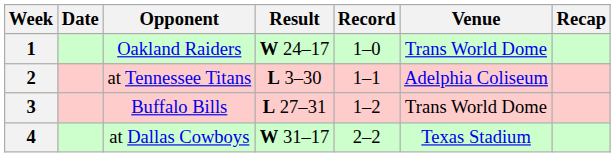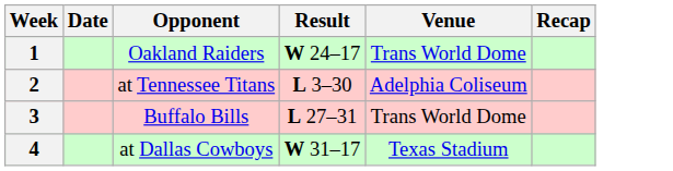 <table class="wikitable" style="text-align:center">
 <tr>
 <th>Week</th>
 <th>Date</th>
 <th>Opponent</th>
 <th>Result</th>
-<th>Record</th>
 <th>Venue</th>
 <th>Recap</th>
 </tr>
 <tr style="background: #cfc;">
 <th>1</th>
 <td></td>
 <td><a href='#'>Oakland Raiders</a></td>
 <td><strong>W</strong> 24–17</td>
-<td>1–0</td>
 <td><a href='#'>Trans World Dome</a></td>
 <td></td>
 </tr>
 <tr style="background: #fcc;">
 <th>2</th>
 <td></td>
 <td>at <a href='#'>Tennessee Titans</a></td>
 <td><strong>L</strong> 3–30</td>
-<td>1–1</td>
 <td><a href='#'>Adelphia Coliseum</a></td>
 <td></td>
 </tr>
 <tr style="background: #fcc;">
 <th>3</th>
 <td></td>
 <td><a href='#'>Buffalo Bills</a></td>
 <td><strong>L</strong> 27–31</td>
-<td>1–2</td>
 <td>Trans World Dome</td>
 <td></td>
 </tr>
 <tr style="background: #cfc;">
 <th>4</th>
 <td></td>
 <td>at <a href='#'>Dallas Cowboys</a></td>
 <td><strong>W</strong> 31–17</td>
-<td>2–2</td>
 <td><a href='#'>Texas Stadium</a></td>
 <td></td>
 </tr>
 </table>
